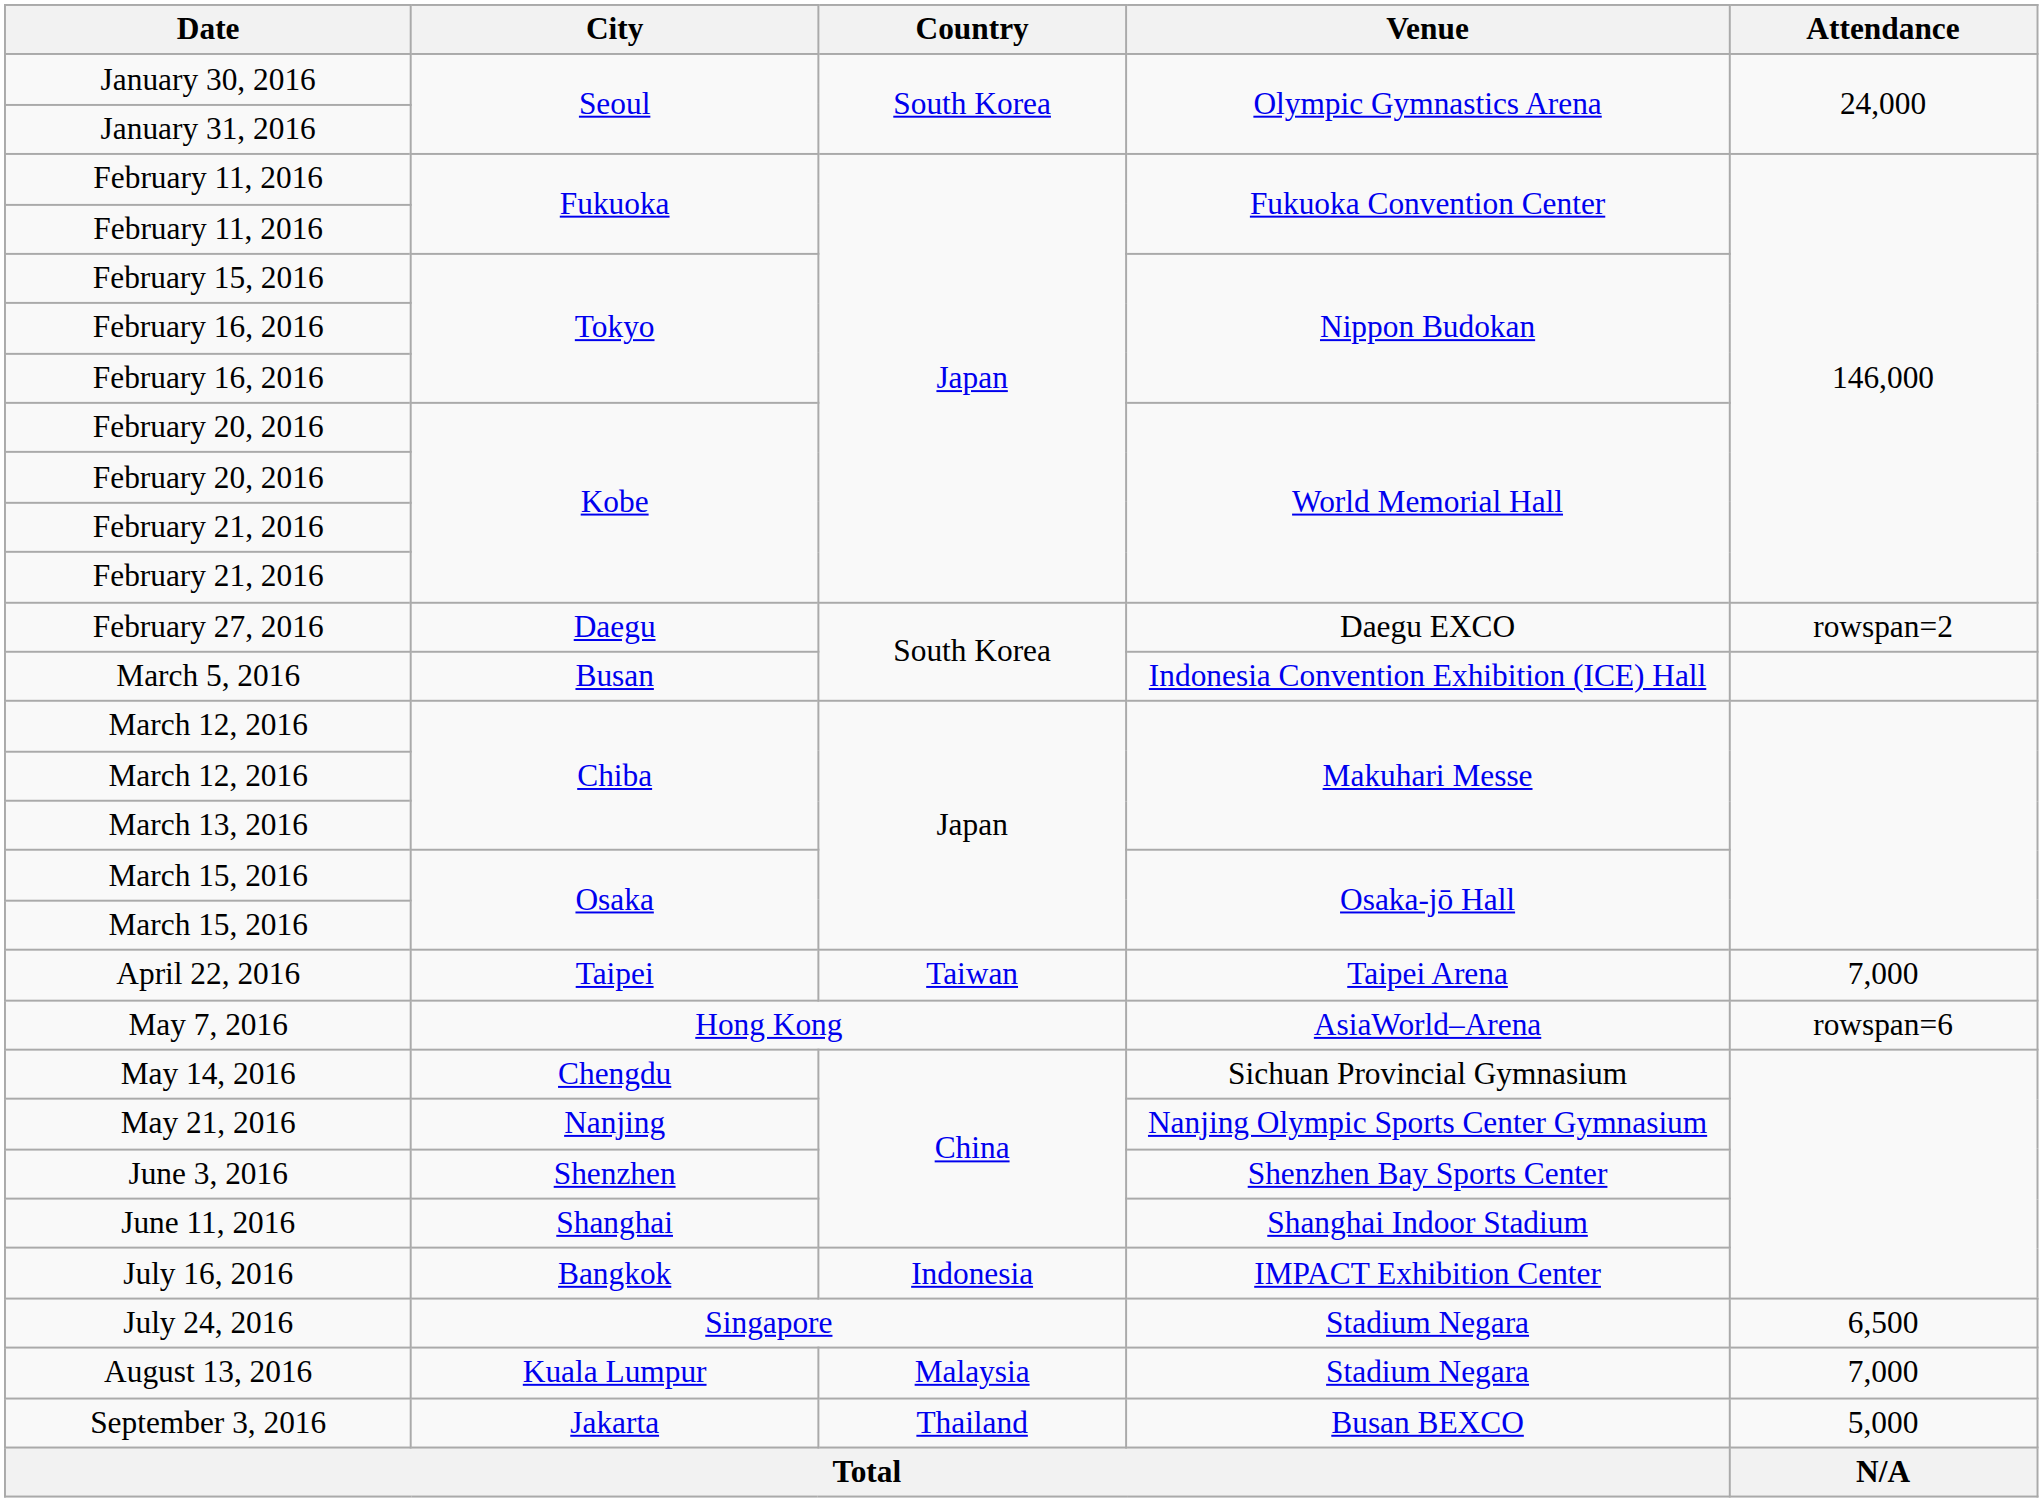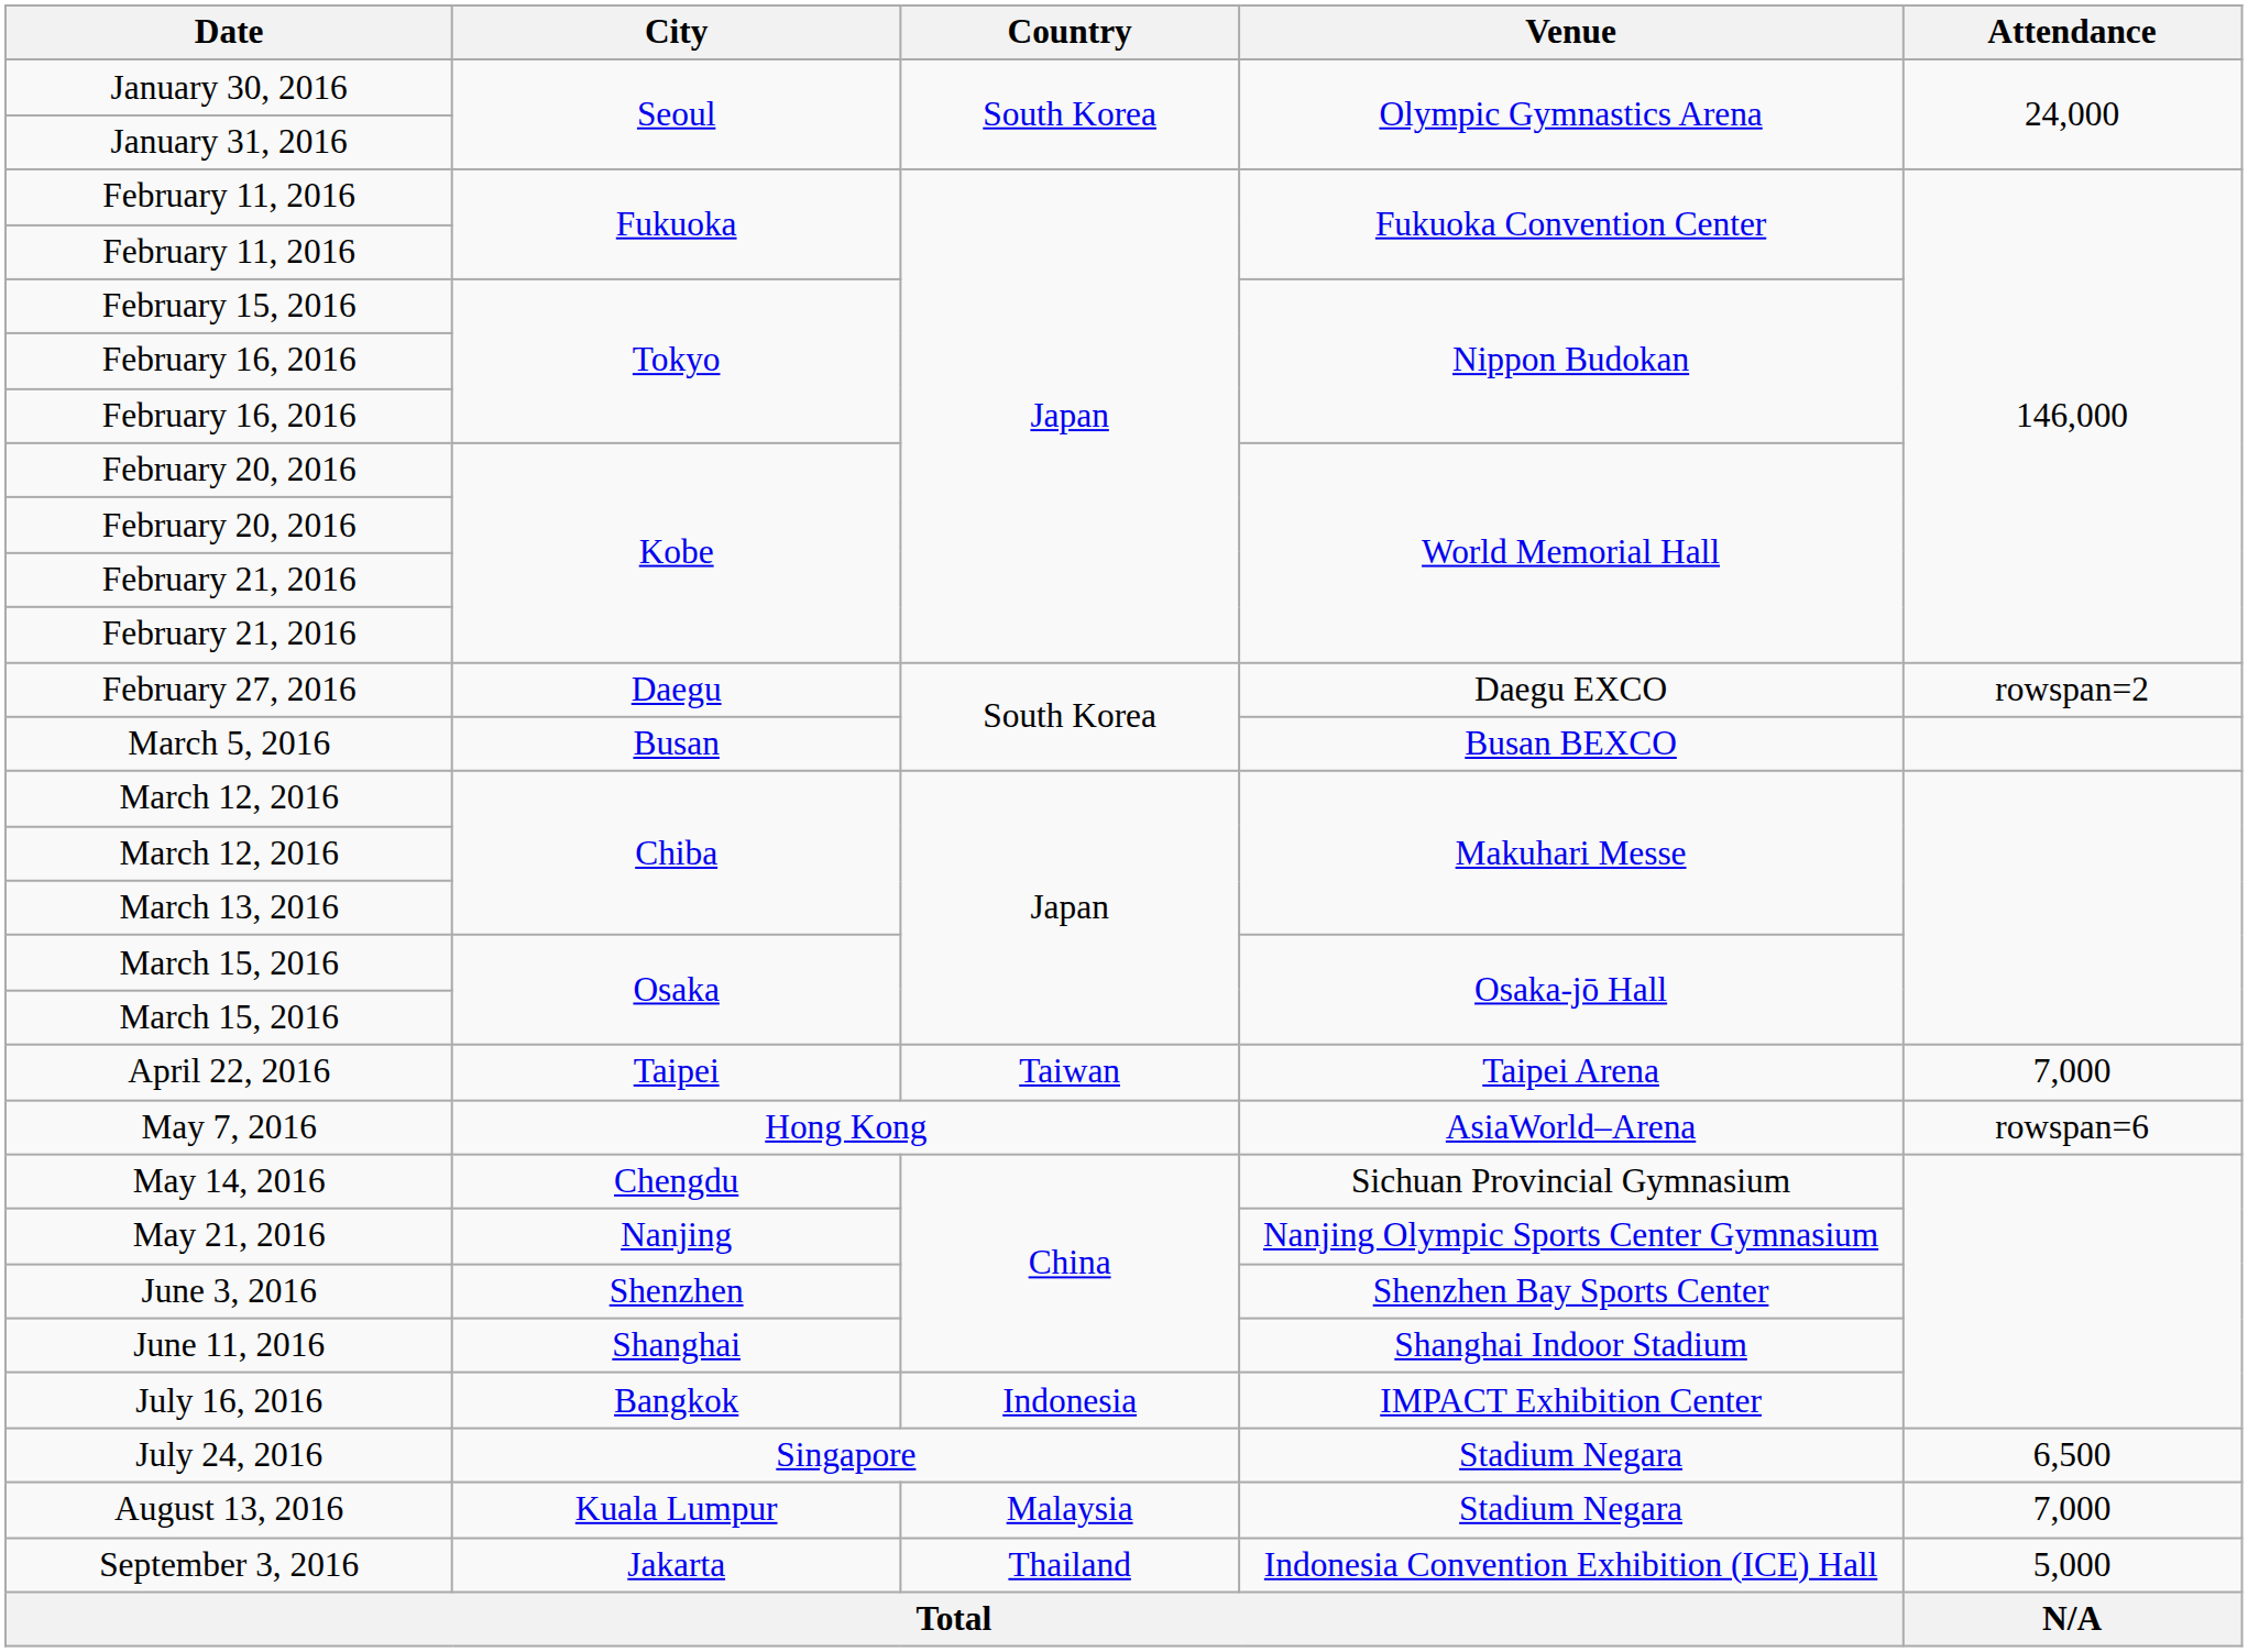 <table class="wikitable" style="text-align:center;">
 <tr>
 <th width=200>Date</th>
 <th width=200>City</th>
 <th width=150>Country</th>
 <th width=300>Venue</th>
 <th width=150>Attendance</th>
 </tr>
 <tr>
 <td>January 30, 2016</td>
 <td rowspan=2><a href='#'>Seoul</a></td>
 <td rowspan=2><a href='#'>South Korea</a></td>
 <td rowspan=2><a href='#'>Olympic Gymnastics Arena</a></td>
 <td rowspan=2>24,000</td>
 </tr>
 <tr>
 <td>January 31, 2016</td>
 </tr>
 <tr>
 <td>February 11, 2016</td>
 <td rowspan=2><a href='#'>Fukuoka</a></td>
 <td rowspan=9><a href='#'>Japan</a></td>
 <td rowspan=2><a href='#'>Fukuoka Convention Center</a></td>
 <td rowspan=9>146,000</td>
 </tr>
 <tr>
 <td>February 11, 2016</td>
 </tr>
 <tr>
 <td>February 15, 2016</td>
 <td rowspan=3><a href='#'>Tokyo</a></td>
 <td rowspan=3><a href='#'>Nippon Budokan</a></td>
 </tr>
 <tr>
 <td>February 16, 2016</td>
 </tr>
 <tr>
 <td>February 16, 2016</td>
 </tr>
 <tr>
 <td>February 20, 2016</td>
 <td rowspan=4><a href='#'>Kobe</a></td>
 <td rowspan=4><a href='#'>World Memorial Hall</a></td>
 </tr>
 <tr>
 <td>February 20, 2016</td>
 </tr>
 <tr>
 <td>February 21, 2016</td>
 </tr>
 <tr>
 <td>February 21, 2016</td>
 </tr>
 <tr>
 <td>February 27, 2016</td>
 <td><a href='#'>Daegu</a></td>
 <td rowspan=2>South Korea</td>
 <td>Daegu EXCO</td>
 <td>rowspan=2 </td>
 </tr>
 <tr>
 <td>March 5, 2016</td>
 <td><a href='#'>Busan</a></td>
-<td><a href='#'>Indonesia Convention Exhibition (ICE) Hall</a></td>
+<td><a href='#'>Busan BEXCO</a></td>
 </tr>
 <tr>
 <td>March 12, 2016</td>
 <td rowspan=3><a href='#'>Chiba</a></td>
 <td rowspan=5>Japan</td>
 <td rowspan=3><a href='#'>Makuhari Messe</a></td>
 <td rowspan=5></td>
 </tr>
 <tr>
 <td>March 12, 2016</td>
 </tr>
 <tr>
 <td>March 13, 2016</td>
 </tr>
 <tr>
 <td>March 15, 2016</td>
 <td rowspan=2><a href='#'>Osaka</a></td>
 <td rowspan=2><a href='#'>Osaka-jō Hall</a></td>
 </tr>
 <tr>
 <td>March 15, 2016</td>
 </tr>
 <tr>
 <td>April 22, 2016</td>
 <td><a href='#'>Taipei</a></td>
 <td><a href='#'>Taiwan</a></td>
 <td><a href='#'>Taipei Arena</a></td>
 <td>7,000</td>
 </tr>
 <tr>
 <td>May 7, 2016</td>
 <td colspan="2"><a href='#'>Hong Kong</a></td>
 <td><a href='#'>AsiaWorld–Arena</a></td>
 <td>rowspan=6 </td>
 </tr>
 <tr>
 <td>May 14, 2016</td>
 <td><a href='#'>Chengdu</a></td>
 <td rowspan=4><a href='#'>China</a></td>
 <td>Sichuan Provincial Gymnasium</td>
 </tr>
 <tr>
 <td>May 21, 2016</td>
 <td><a href='#'>Nanjing</a></td>
 <td><a href='#'>Nanjing Olympic Sports Center Gymnasium</a></td>
 </tr>
 <tr>
 <td>June 3, 2016</td>
 <td><a href='#'>Shenzhen</a></td>
 <td><a href='#'>Shenzhen Bay Sports Center</a></td>
 </tr>
 <tr>
 <td>June 11, 2016</td>
 <td><a href='#'>Shanghai</a></td>
 <td><a href='#'>Shanghai Indoor Stadium</a></td>
 </tr>
 <tr>
 <td>July 16, 2016</td>
 <td><a href='#'>Bangkok</a></td>
 <td><a href='#'>Indonesia</a></td>
 <td><a href='#'>IMPACT Exhibition Center</a></td>
 </tr>
 <tr>
 <td>July 24, 2016</td>
 <td colspan="2"><a href='#'>Singapore</a></td>
 <td><a href='#'>Stadium Negara</a></td>
 <td>6,500</td>
 </tr>
 <tr>
 <td>August 13, 2016</td>
 <td><a href='#'>Kuala Lumpur</a></td>
 <td><a href='#'>Malaysia</a></td>
 <td><a href='#'>Stadium Negara</a></td>
 <td>7,000</td>
 </tr>
 <tr>
 <td>September 3, 2016</td>
 <td><a href='#'>Jakarta</a></td>
 <td><a href='#'>Thailand</a></td>
-<td><a href='#'>Busan BEXCO</a></td>
+<td><a href='#'>Indonesia Convention Exhibition (ICE) Hall</a></td>
 <td>5,000</td>
 </tr>
 <tr>
 <th colspan=4><strong>Total</strong></th>
 <th><strong>N/A</strong></th>
 </tr>
 </table>
